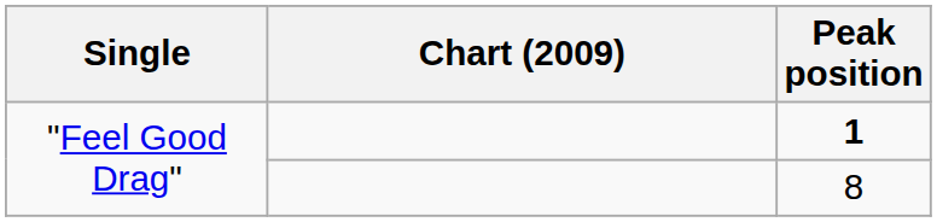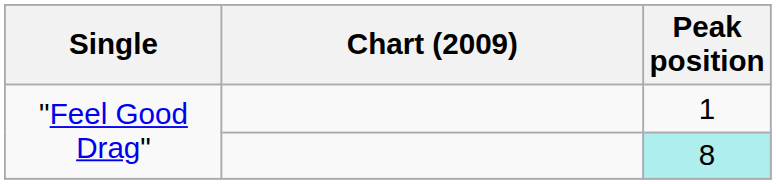 <table class="wikitable">
 <tr>
 <th width="110">Single</th>
 <th width="220">Chart (2009)</th>
 <th>Peak<br>position</th>
 </tr>
 <tr>
 <td align="center" rowspan="2">"<a href='#'>Feel Good Drag</a>"</td>
 <td></td>
-<td align="center"><strong>1</strong></td>
+<td align="center">1</td>
 </tr>
 <tr>
 <td></td>
-<td align="center">8</td>
+<td align="center" style="background: paleturquoise;">8</td>
 </tr>
 </table>
